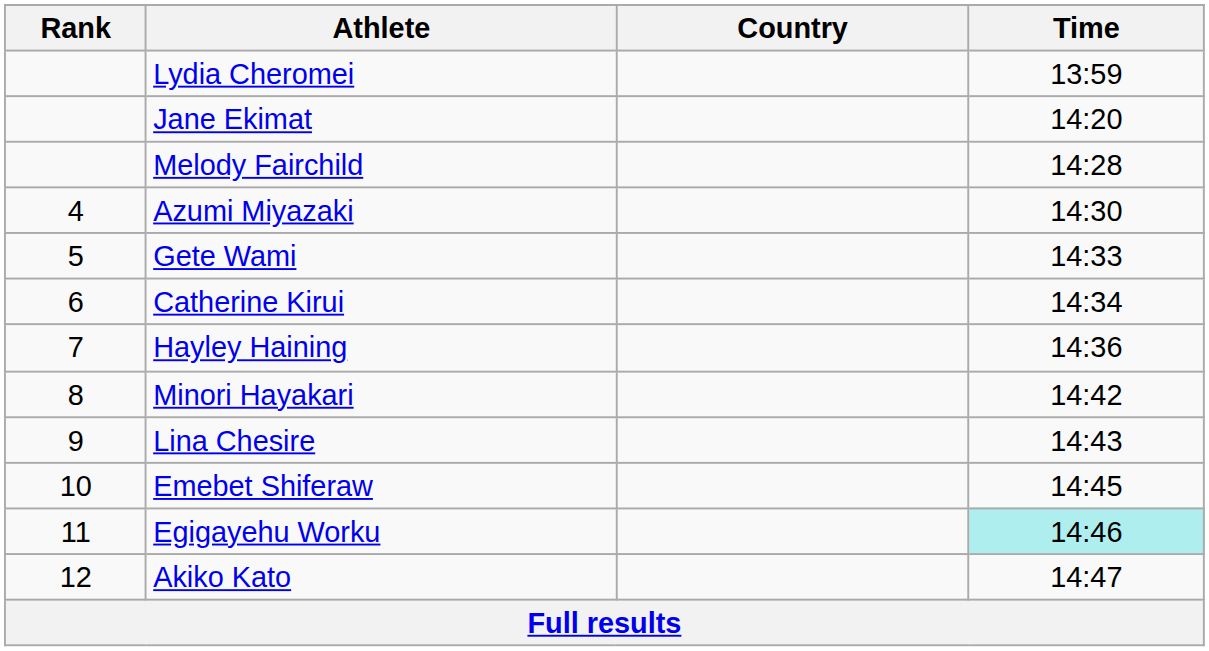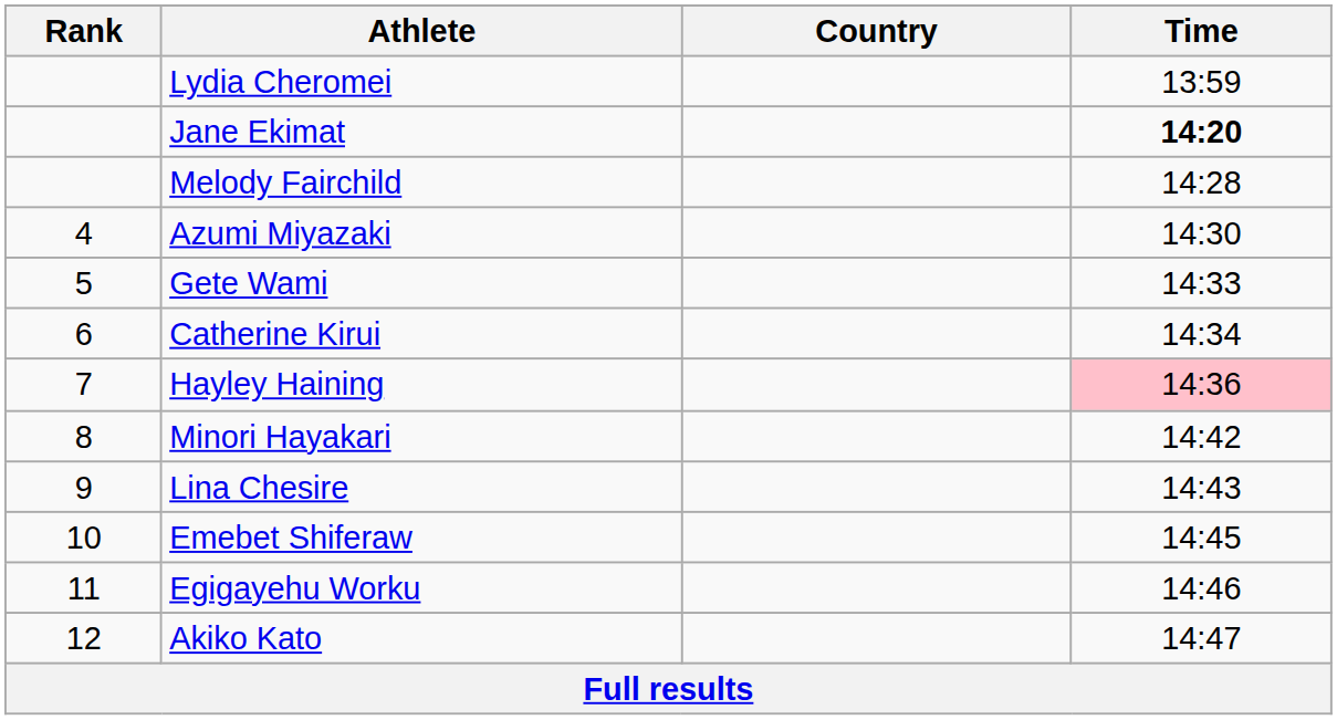 <table class="wikitable sortable" style=" text-align:center; font-size:95%;" width="50%">
 <tr>
 </tr>
 <tr>
 <th width=5%>Rank</th>
 <th width=20%>Athlete</th>
 <th width=15%>Country</th>
 <th width=10%>Time</th>
 </tr>
 <tr>
 <td align=center></td>
 <td align=left><a href='#'>Lydia Cheromei</a></td>
 <td align=left></td>
 <td>13:59</td>
 </tr>
 <tr>
 <td align=center></td>
 <td align=left><a href='#'>Jane Ekimat</a></td>
 <td align=left></td>
-<td>14:20</td>
+<td><strong>14:20</strong></td>
 </tr>
 <tr>
 <td align=center></td>
 <td align=left><a href='#'>Melody Fairchild</a></td>
 <td align=left></td>
 <td>14:28</td>
 </tr>
 <tr>
 <td align=center>4</td>
 <td align=left><a href='#'>Azumi Miyazaki</a></td>
 <td align=left></td>
 <td>14:30</td>
 </tr>
 <tr>
 <td align=center>5</td>
 <td align=left><a href='#'>Gete Wami</a></td>
 <td align=left></td>
 <td>14:33</td>
 </tr>
 <tr>
 <td align=center>6</td>
 <td align=left><a href='#'>Catherine Kirui</a></td>
 <td align=left></td>
 <td>14:34</td>
 </tr>
 <tr>
 <td align=center>7</td>
 <td align=left><a href='#'>Hayley Haining</a></td>
 <td align=left></td>
-<td>14:36</td>
+<td style="background: pink;">14:36</td>
 </tr>
 <tr>
 <td align=center>8</td>
 <td align=left><a href='#'>Minori Hayakari</a></td>
 <td align=left></td>
 <td>14:42</td>
 </tr>
 <tr>
 <td align=center>9</td>
 <td align=left><a href='#'>Lina Chesire</a></td>
 <td align=left></td>
 <td>14:43</td>
 </tr>
 <tr>
 <td align=center>10</td>
 <td align=left><a href='#'>Emebet Shiferaw</a></td>
 <td align=left></td>
 <td>14:45</td>
 </tr>
 <tr>
 <td align=center>11</td>
 <td align=left><a href='#'>Egigayehu Worku</a></td>
 <td align=left></td>
-<td style="background: paleturquoise;">14:46</td>
+<td>14:46</td>
 </tr>
 <tr>
 <td align=center>12</td>
 <td align=left><a href='#'>Akiko Kato</a></td>
 <td align=left></td>
 <td>14:47</td>
 </tr>
 <tr class="sortbottom">
 <th colspan=4 align=center><a href='#'>Full results</a></th>
 </tr>
 </table>
